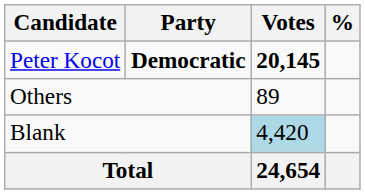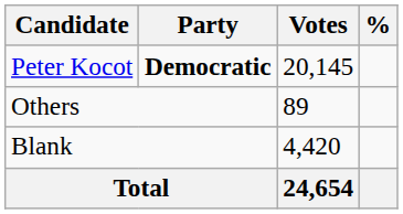 <table class="wikitable">
 <tr>
 <th>Candidate</th>
 <th>Party</th>
 <th>Votes</th>
 <th>%</th>
 </tr>
 <tr>
 <td><a href='#'>Peter Kocot</a></td>
 <td><strong>Democratic</strong></td>
-<td><strong>20,145</strong></td>
+<td>20,145</td>
 <td></td>
 </tr>
 <tr>
 <td colspan = 2>Others</td>
 <td>89</td>
 <td></td>
 </tr>
 <tr>
 <td colspan = 2>Blank</td>
-<td style="background: lightblue;">4,420</td>
+<td>4,420</td>
 <td></td>
 </tr>
 <tr>
 <th colspan = 2>Total</th>
 <th>24,654</th>
 <th></th>
 </tr>
 </table>
